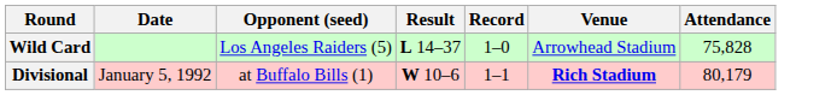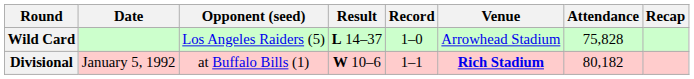 <table class="wikitable" style="text-align:center">
 <tr>
 <th>Round</th>
 <th>Date</th>
 <th>Opponent (seed)</th>
 <th>Result</th>
 <th>Record</th>
 <th>Venue</th>
 <th>Attendance</th>
+<th>Recap</th>
 </tr>
 <tr style="background:#cfc">
 <th>Wild Card</th>
 <td></td>
 <td><a href='#'>Los Angeles Raiders</a> (5)</td>
 <td><strong>L</strong> 14–37</td>
 <td>1–0</td>
 <td><a href='#'>Arrowhead Stadium</a></td>
 <td>75,828</td>
+<td></td>
 </tr>
 <tr style="background:#fcc">
 <th>Divisional</th>
 <td>January 5, 1992</td>
 <td>at <a href='#'>Buffalo Bills</a> (1)</td>
 <td><strong>W</strong> 10–6</td>
 <td>1–1</td>
 <td><strong><a href='#'>Rich Stadium</a></strong></td>
-<td>80,179</td>
+<td>80,182</td>
+<td></td>
 </tr>
 </table>
